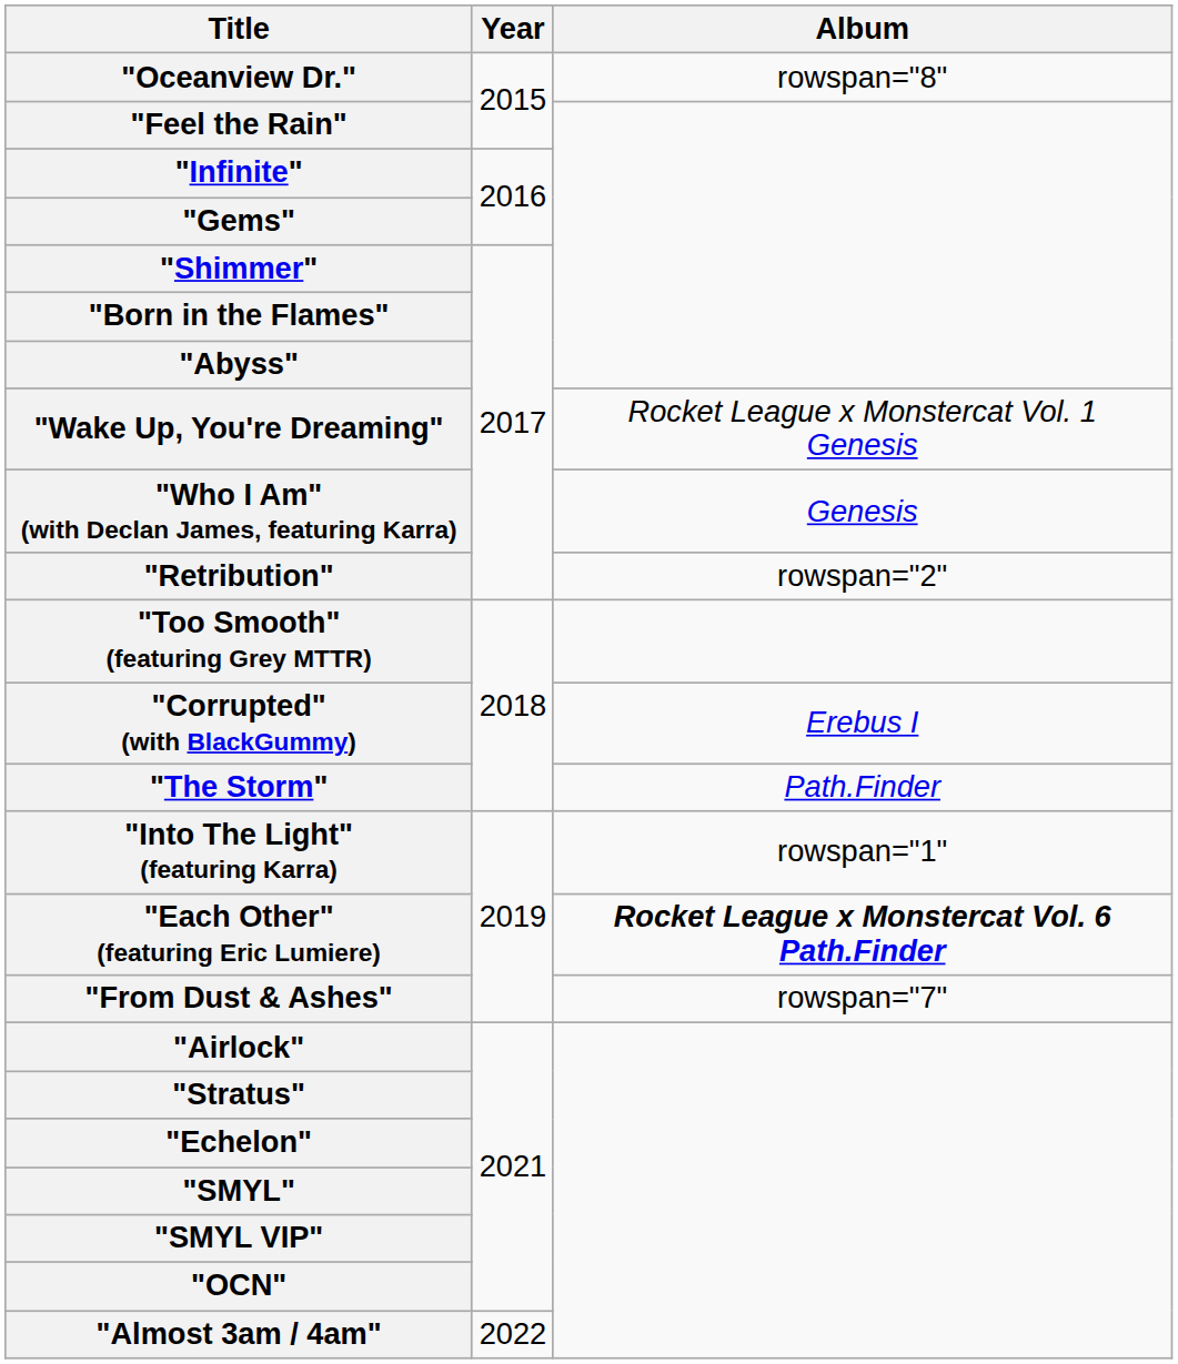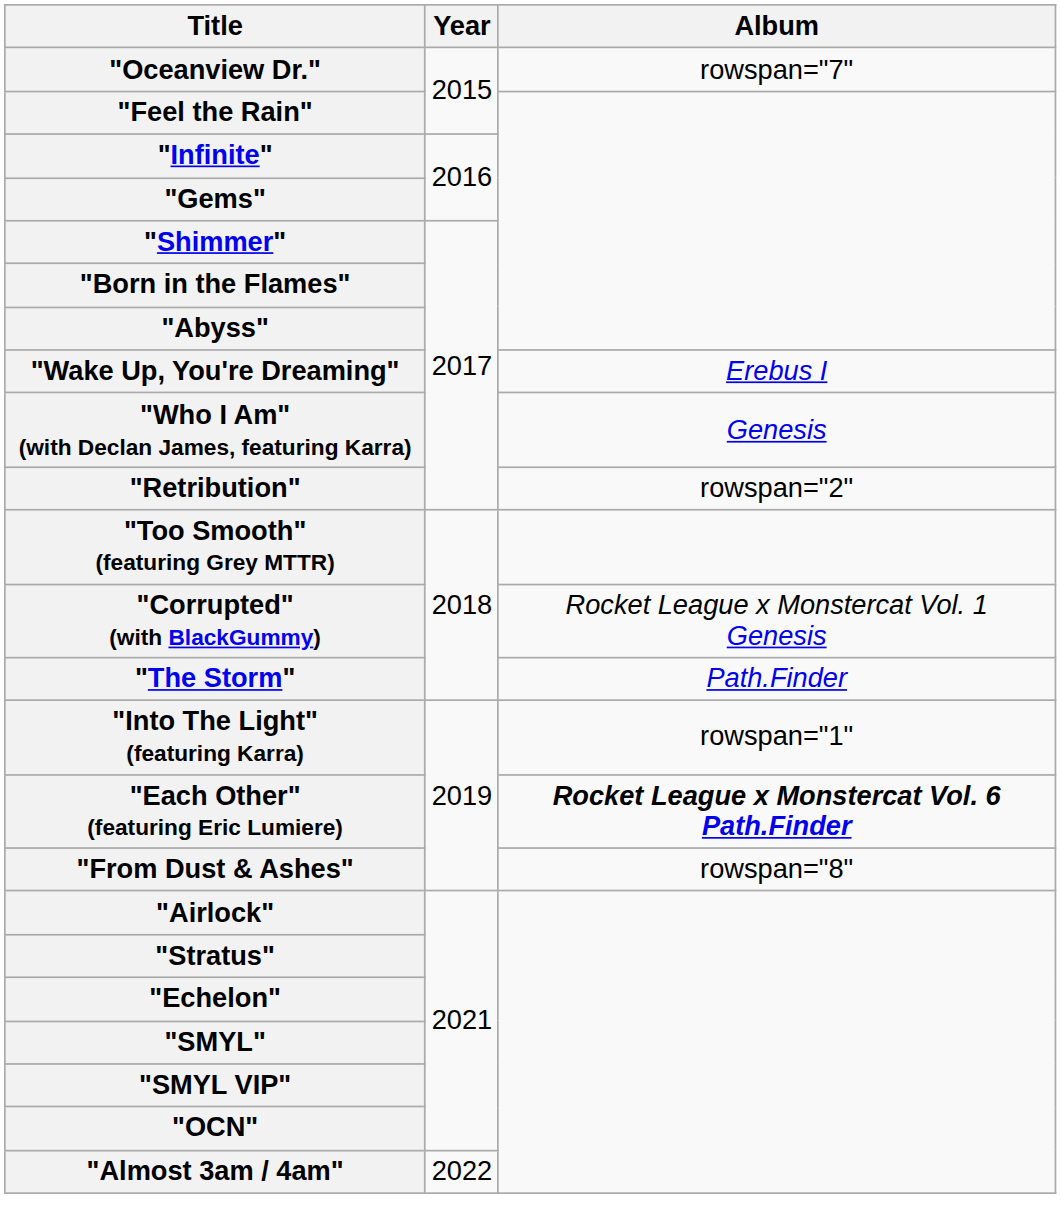 <table class="wikitable plainrowheaders" style="text-align:center;">
 <tr>
 <th rowspan="1" style="width:15em;">Title</th>
 <th rowspan="1">Year</th>
 <th rowspan="1" style="width:20em;">Album</th>
 </tr>
 <tr>
 <th scope="row">"Oceanview Dr."</th>
 <td rowspan="2">2015</td>
-<td>rowspan="8" </td>
+<td>rowspan="7" </td>
 </tr>
 <tr>
 <th scope="row">"Feel the Rain"</th>
 </tr>
 <tr>
 <th scope="row">"<a href='#'>Infinite</a>"</th>
 <td rowspan="2">2016</td>
 </tr>
 <tr>
 <th scope="row">"Gems"</th>
 </tr>
 <tr>
 <th scope="row">"<a href='#'>Shimmer</a>"</th>
 <td rowspan="6">2017</td>
 </tr>
 <tr>
 <th scope="row">"Born in the Flames"</th>
 </tr>
 <tr>
 <th scope="row">"Abyss"</th>
 </tr>
 <tr>
 <th scope="row">"Wake Up, You're Dreaming"</th>
-<td><em>Rocket League x Monstercat Vol. 1</em><br><em><a href='#'>Genesis</a></em></td>
+<td><em><a href='#'>Erebus I</a></em></td>
 </tr>
 <tr>
 <th scope="row">"Who I Am"<br><small>(with Declan James, featuring Karra)</small></th>
 <td><em><a href='#'>Genesis</a></em></td>
 </tr>
 <tr>
 <th scope="row">"Retribution"</th>
 <td>rowspan="2" </td>
 </tr>
 <tr>
 <th scope="row">"Too Smooth"<br><small>(featuring Grey MTTR)</small></th>
 <td rowspan="3">2018</td>
 </tr>
 <tr>
 <th scope="row">"Corrupted"<br><small>(with <a href='#'>BlackGummy</a>)</small></th>
-<td><em><a href='#'>Erebus I</a></em></td>
+<td><em>Rocket League x Monstercat Vol. 1</em><br><em><a href='#'>Genesis</a></em></td>
 </tr>
 <tr>
 <th scope="row">"<a href='#'>The Storm</a>"</th>
 <td><em><a href='#'>Path.Finder</a></em></td>
 </tr>
 <tr>
 <th scope="row">"Into The Light"<br><small>(featuring Karra)</small></th>
 <td rowspan="3">2019</td>
 <td>rowspan="1" </td>
 </tr>
 <tr>
 <th scope="row">"Each Other"<br><small>(featuring Eric Lumiere)</small></th>
 <td><strong><em>Rocket League x Monstercat Vol. 6</em><br><em><a href='#'>Path.Finder</a></em></strong></td>
 </tr>
 <tr>
 <th scope="row">"From Dust & Ashes"</th>
-<td>rowspan="7" </td>
+<td>rowspan="8" </td>
 </tr>
 <tr>
 <th scope="row">"Airlock"</th>
 <td rowspan="6">2021</td>
 </tr>
 <tr>
 <th scope="row">"Stratus"</th>
 </tr>
 <tr>
 <th scope="row">"Echelon"</th>
 </tr>
 <tr>
 <th scope="row">"SMYL"</th>
 </tr>
 <tr>
 <th scope="row">"SMYL VIP"</th>
 </tr>
 <tr>
 <th scope="row">"OCN"</th>
 </tr>
 <tr>
 <th scope="row">"Almost 3am / 4am"</th>
 <td>2022</td>
 </tr>
 </table>
